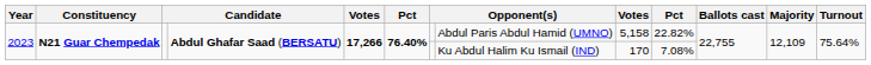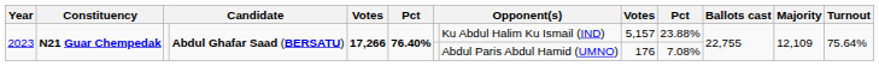 <table class="wikitable" style="margin:0.5em ; font-size:95%">
 <tr>
 <th>Year</th>
 <th>Constituency</th>
 <th colspan=2>Candidate</th>
 <th>Votes</th>
 <th>Pct</th>
 <th colspan=2>Opponent(s)</th>
 <th>Votes</th>
 <th>Pct</th>
 <th>Ballots cast</th>
 <th>Majority</th>
 <th>Turnout</th>
 </tr>
 <tr>
 <td rowspan=2><a href='#'>2023</a></td>
 <td rowspan=2><strong>N21 <a href='#'>Guar Chempedak</a></strong></td>
 <td rowspan=2 bgcolor=></td>
 <td rowspan=2><strong>Abdul Ghafar Saad</strong> (<a href='#'><strong>BERSATU</strong></a>)</td>
 <td rowspan=2 align=right><strong>17,266</strong></td>
 <td rowspan=2><strong>76.40%</strong></td>
 <td></td>
-<td>Abdul Paris Abdul Hamid (<a href='#'>UMNO</a>)</td>
-<td align=right>5,158</td>
-<td>22.82%</td>
+<td>Ku Abdul Halim Ku Ismail (<a href='#'>IND</a>)</td>
+<td align=right>5,157</td>
+<td>23.88%</td>
 <td rowspan=2>22,755</td>
 <td rowspan=2>12,109</td>
 <td rowspan=2>75.64%</td>
 </tr>
 <tr>
 <td></td>
-<td>Ku Abdul Halim Ku Ismail (<a href='#'>IND</a>)</td>
-<td align=right>170</td>
+<td>Abdul Paris Abdul Hamid (<a href='#'>UMNO</a>)</td>
+<td align=right>176</td>
 <td align=right>7.08%</td>
 </tr>
 </table>
